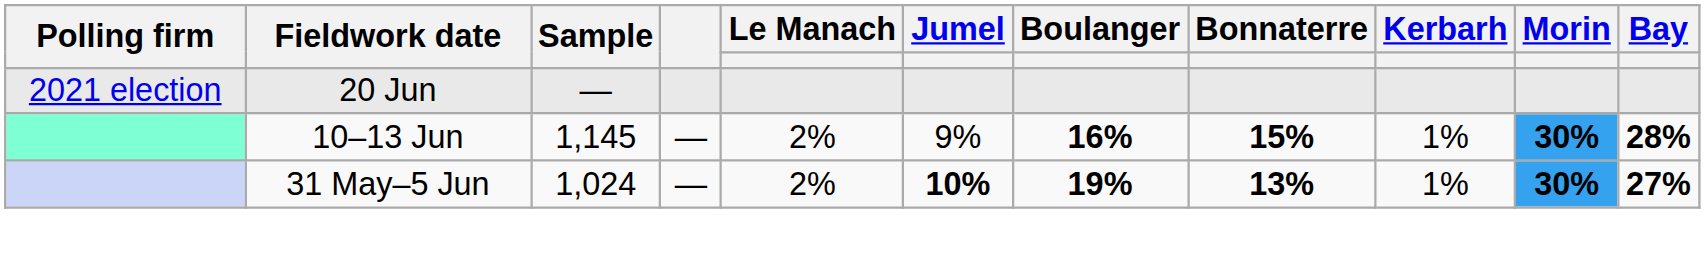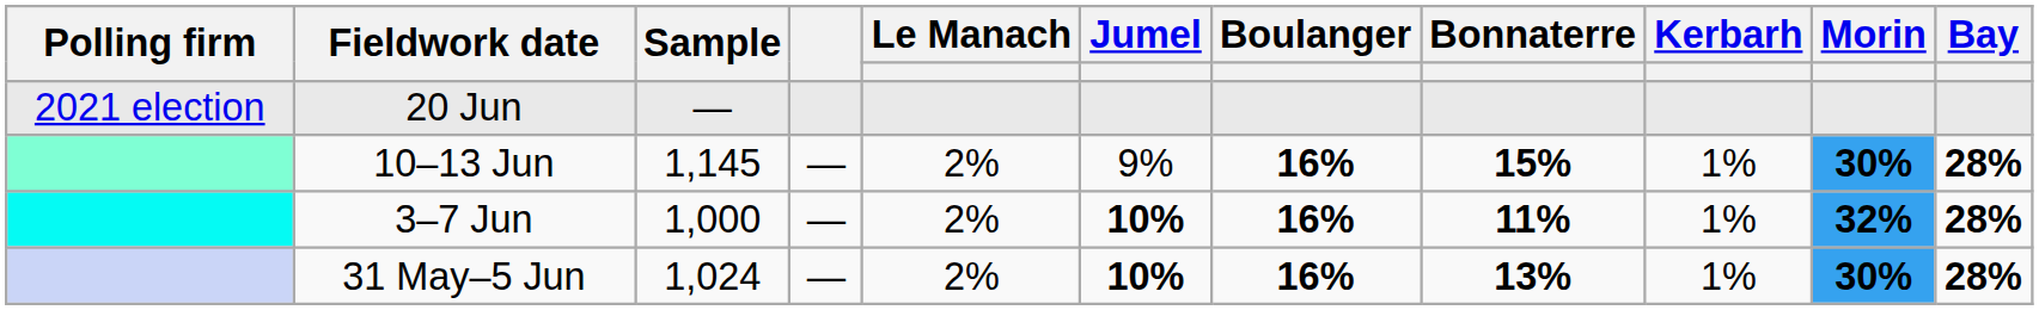 <table class="wikitable" style="text-align:center;font-size:90%;line-height:14px;">
 <tr>
 <th rowspan="2" style="width:100px;">Polling firm</th>
 <th rowspan="2" style="width:120px;">Fieldwork date</th>
 <th rowspan="2" style="width:35px;">Sample</th>
 <th rowspan="2" style="width:20px;"></th>
 <th>Le Manach<br></th>
 <th><a href='#'>Jumel</a><br></th>
 <th>Boulanger<br></th>
 <th>Bonnaterre<br></th>
 <th><a href='#'>Kerbarh</a><br></th>
 <th><a href='#'>Morin</a><br></th>
 <th><a href='#'>Bay</a><br></th>
 </tr>
 <tr>
 <th style="background:"></th>
 <th style="background:"></th>
 <th style="background:"></th>
 <th style="background:"></th>
 <th style="background:"></th>
 <th style="background:"></th>
 <th style="background:"></th>
 </tr>
 <tr style="background:#E9E9E9;">
 <td><a href='#'>2021 election</a></td>
 <td data-sort-value="2021-06-20">20 Jun</td>
 <td>—</td>
 <td></td>
 <td></td>
 <td></td>
 <td></td>
 <td></td>
 <td></td>
 <td></td>
 <td></td>
 </tr>
 <tr>
 <td style="background:aquamarine;"></td>
 <td>10–13 Jun</td>
 <td>1,145</td>
 <td>—</td>
 <td>2%</td>
 <td>9%</td>
 <td><strong>16%</strong></td>
 <td><strong>15%</strong></td>
 <td>1%</td>
 <td style="background:#35A2EF;"><strong>30%</strong></td>
 <td><strong>28%</strong></td>
 </tr>
 <tr>
+<td style="background:#04FBF4;"></td>
+<td>3–7 Jun</td>
+<td>1,000</td>
+<td>—</td>
+<td>2%</td>
+<td><strong>10%</strong></td>
+<td><strong>16%</strong></td>
+<td><strong>11%</strong></td>
+<td>1%</td>
+<td style="background:#35A2EF;"><strong>32%</strong></td>
+<td><strong>28%</strong></td>
+</tr>
+<tr>
 <td style="background:#CAD5F7;"></td>
 <td>31 May–5 Jun</td>
 <td>1,024</td>
 <td>—</td>
 <td>2%</td>
 <td><strong>10%</strong></td>
-<td><strong>19%</strong></td>
+<td><strong>16%</strong></td>
 <td><strong>13%</strong></td>
 <td>1%</td>
 <td style="background:#35A2EF;"><strong>30%</strong></td>
-<td><strong>27%</strong></td>
+<td><strong>28%</strong></td>
 </tr>
 </table>
